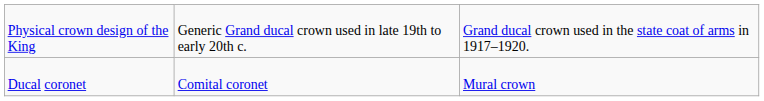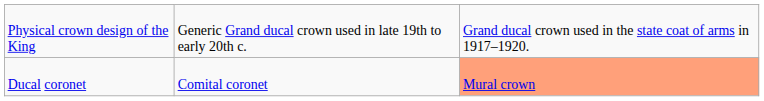 <table class="wikitable">
 <tr>
 <td><br><a href='#'>Physical crown design of the King</a></td>
 <td><br>Generic <a href='#'>Grand ducal</a> crown used in late 19th to early 20th c.</td>
 <td><br><a href='#'>Grand ducal</a> crown used in the <a href='#'>state coat of arms</a> in 1917–1920.</td>
 </tr>
 <tr>
 <td><br><a href='#'>Ducal</a> <a href='#'>coronet</a></td>
 <td><br><a href='#'>Comital coronet</a></td>
-<td><br><a href='#'>Mural crown</a></td>
+<td style="background: lightsalmon;"><br><a href='#'>Mural crown</a></td>
 </tr>
 </table>
